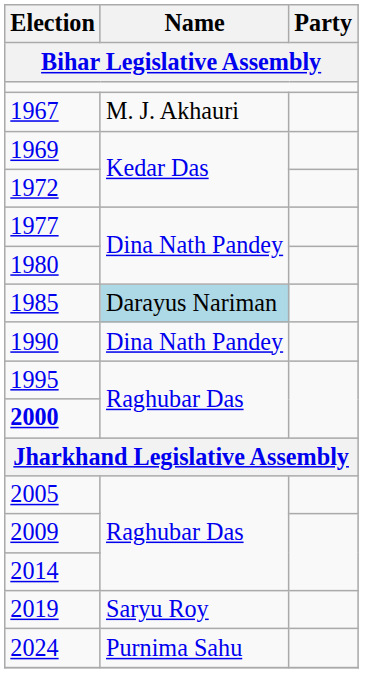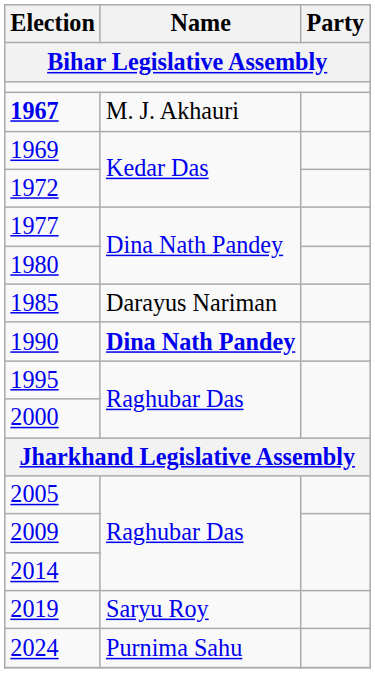 <table class="wikitable sortable">
 <tr>
 <th>Election</th>
 <th>Name</th>
 <th colspan=2>Party</th>
 </tr>
 <tr>
 <th colspan=4><a href='#'>Bihar Legislative Assembly</a></th>
 </tr>
 <tr>
 <td colspan="4"></td>
 </tr>
 <tr>
-<td><a href='#'>1967</a></td>
+<td><strong><a href='#'>1967</a></strong></td>
 <td>M. J. Akhauri</td>
 <td></td>
 </tr>
 <tr>
 <td><a href='#'>1969</a></td>
 <td rowspan="2"><a href='#'>Kedar Das</a></td>
 <td></td>
 </tr>
 <tr>
 <td><a href='#'>1972</a></td>
 </tr>
 <tr>
 <td><a href='#'>1977</a></td>
 <td rowspan="2"><a href='#'>Dina Nath Pandey</a></td>
 <td></td>
 </tr>
 <tr>
 <td><a href='#'>1980</a></td>
 <td></td>
 </tr>
 <tr>
 <td><a href='#'>1985</a></td>
-<td style="background: lightblue;">Darayus Nariman</td>
+<td>Darayus Nariman</td>
 <td></td>
 </tr>
 <tr>
 <td><a href='#'>1990</a></td>
-<td><a href='#'>Dina Nath Pandey</a></td>
+<td><strong><a href='#'>Dina Nath Pandey</a></strong></td>
 <td></td>
 </tr>
 <tr>
 <td><a href='#'>1995</a></td>
 <td rowspan="2"><a href='#'>Raghubar Das</a></td>
 </tr>
 <tr>
-<td><strong><a href='#'>2000</a></strong></td>
+<td><a href='#'>2000</a></td>
 </tr>
 <tr>
 <th colspan=4><a href='#'>Jharkhand Legislative Assembly</a></th>
 </tr>
 <tr>
 <td><a href='#'>2005</a></td>
 <td rowspan="3"><a href='#'>Raghubar Das</a></td>
 <td></td>
 </tr>
 <tr>
 <td><a href='#'>2009</a></td>
 </tr>
 <tr>
 <td><a href='#'>2014</a></td>
 </tr>
 <tr>
 <td><a href='#'>2019</a></td>
 <td><a href='#'>Saryu Roy</a></td>
 <td></td>
 </tr>
 <tr>
 <td><a href='#'>2024</a></td>
 <td><a href='#'>Purnima Sahu</a></td>
 <td></td>
 </tr>
 <tr>
 </tr>
 </table>
